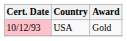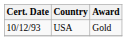 <table class="wikitable" style="font-size:85%;">
 <tr>
 <th>Cert. Date</th>
 <th>Country</th>
 <th>Award</th>
 </tr>
 <tr>
-<td align="left" style="background: pink;">10/12/93</td>
+<td align="left">10/12/93</td>
 <td align="left">USA</td>
 <td align="left">Gold</td>
 </tr>
 <tr>
 </tr>
 </table>
